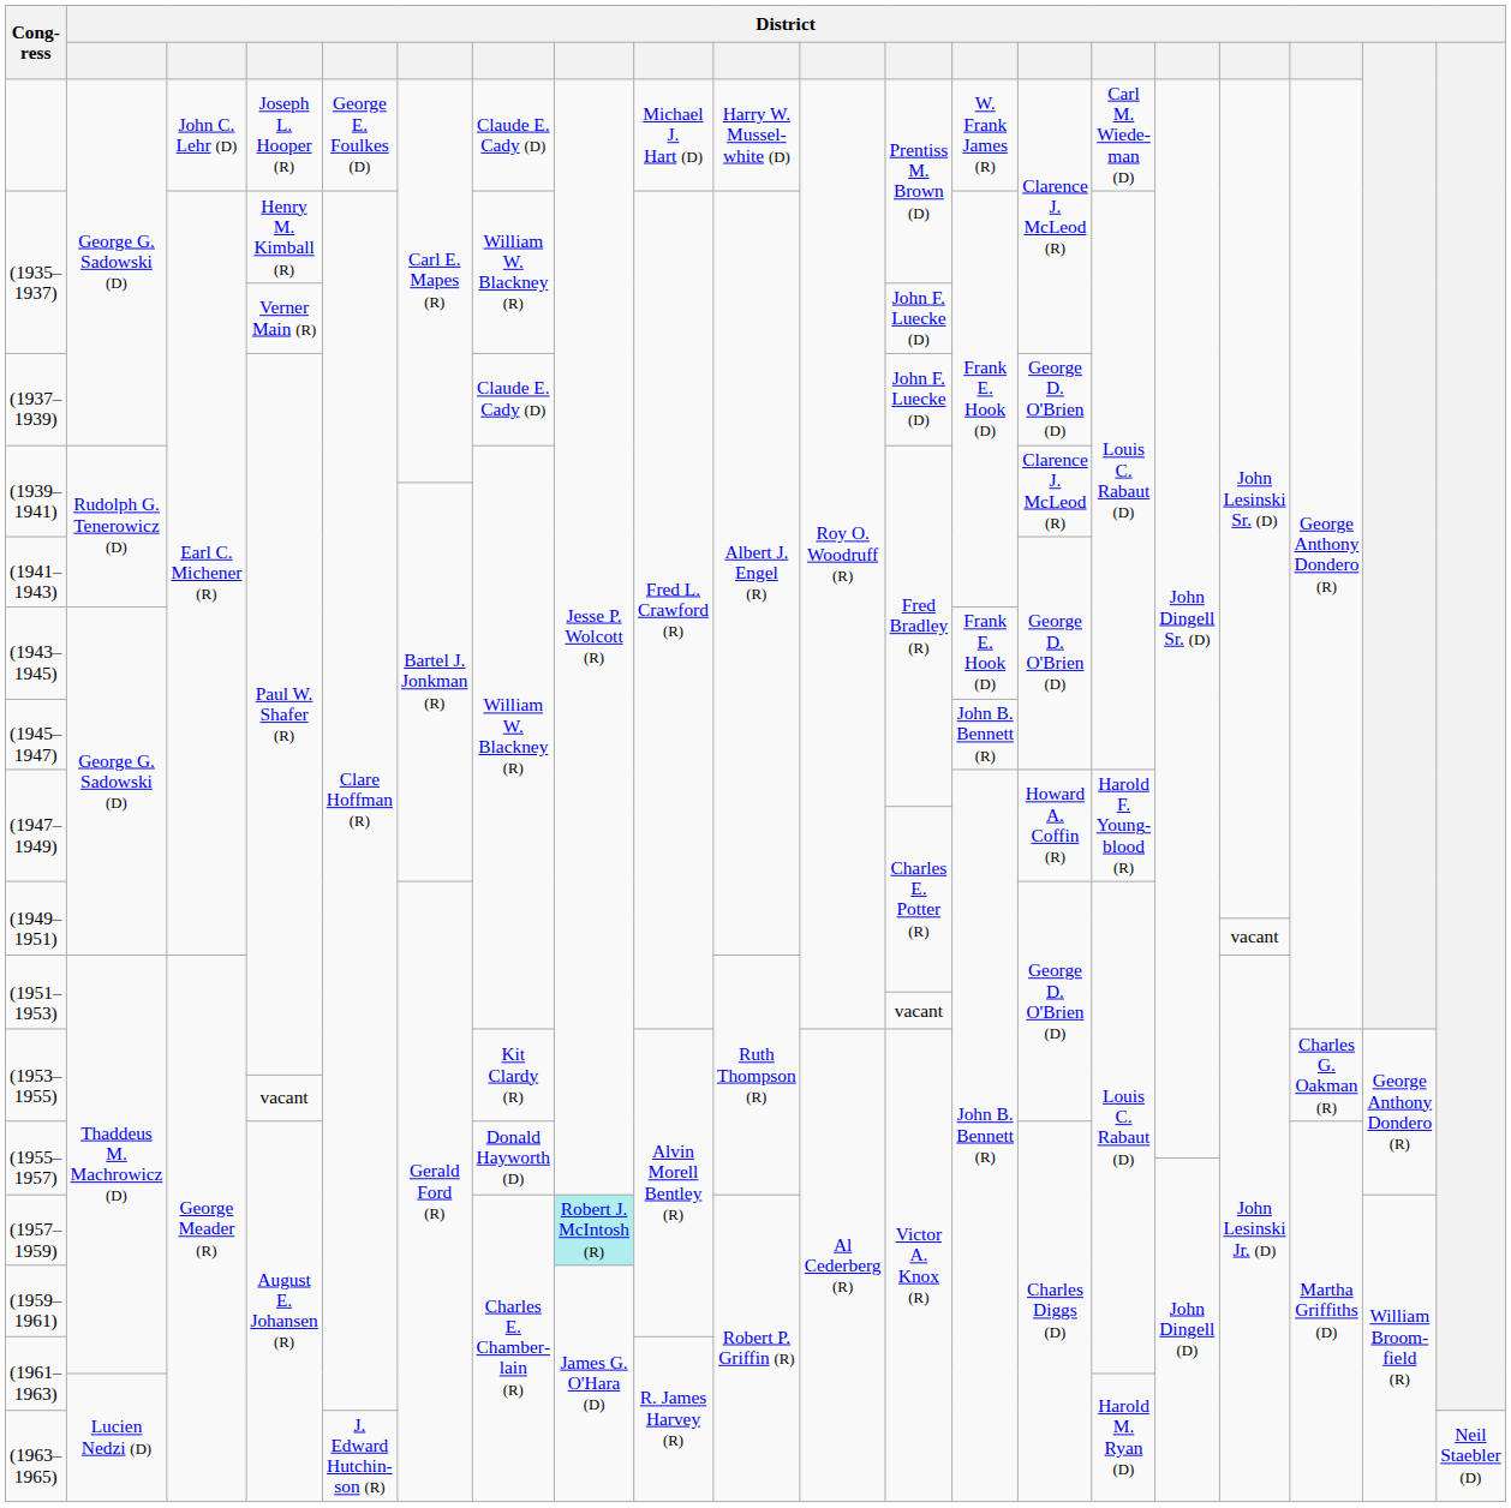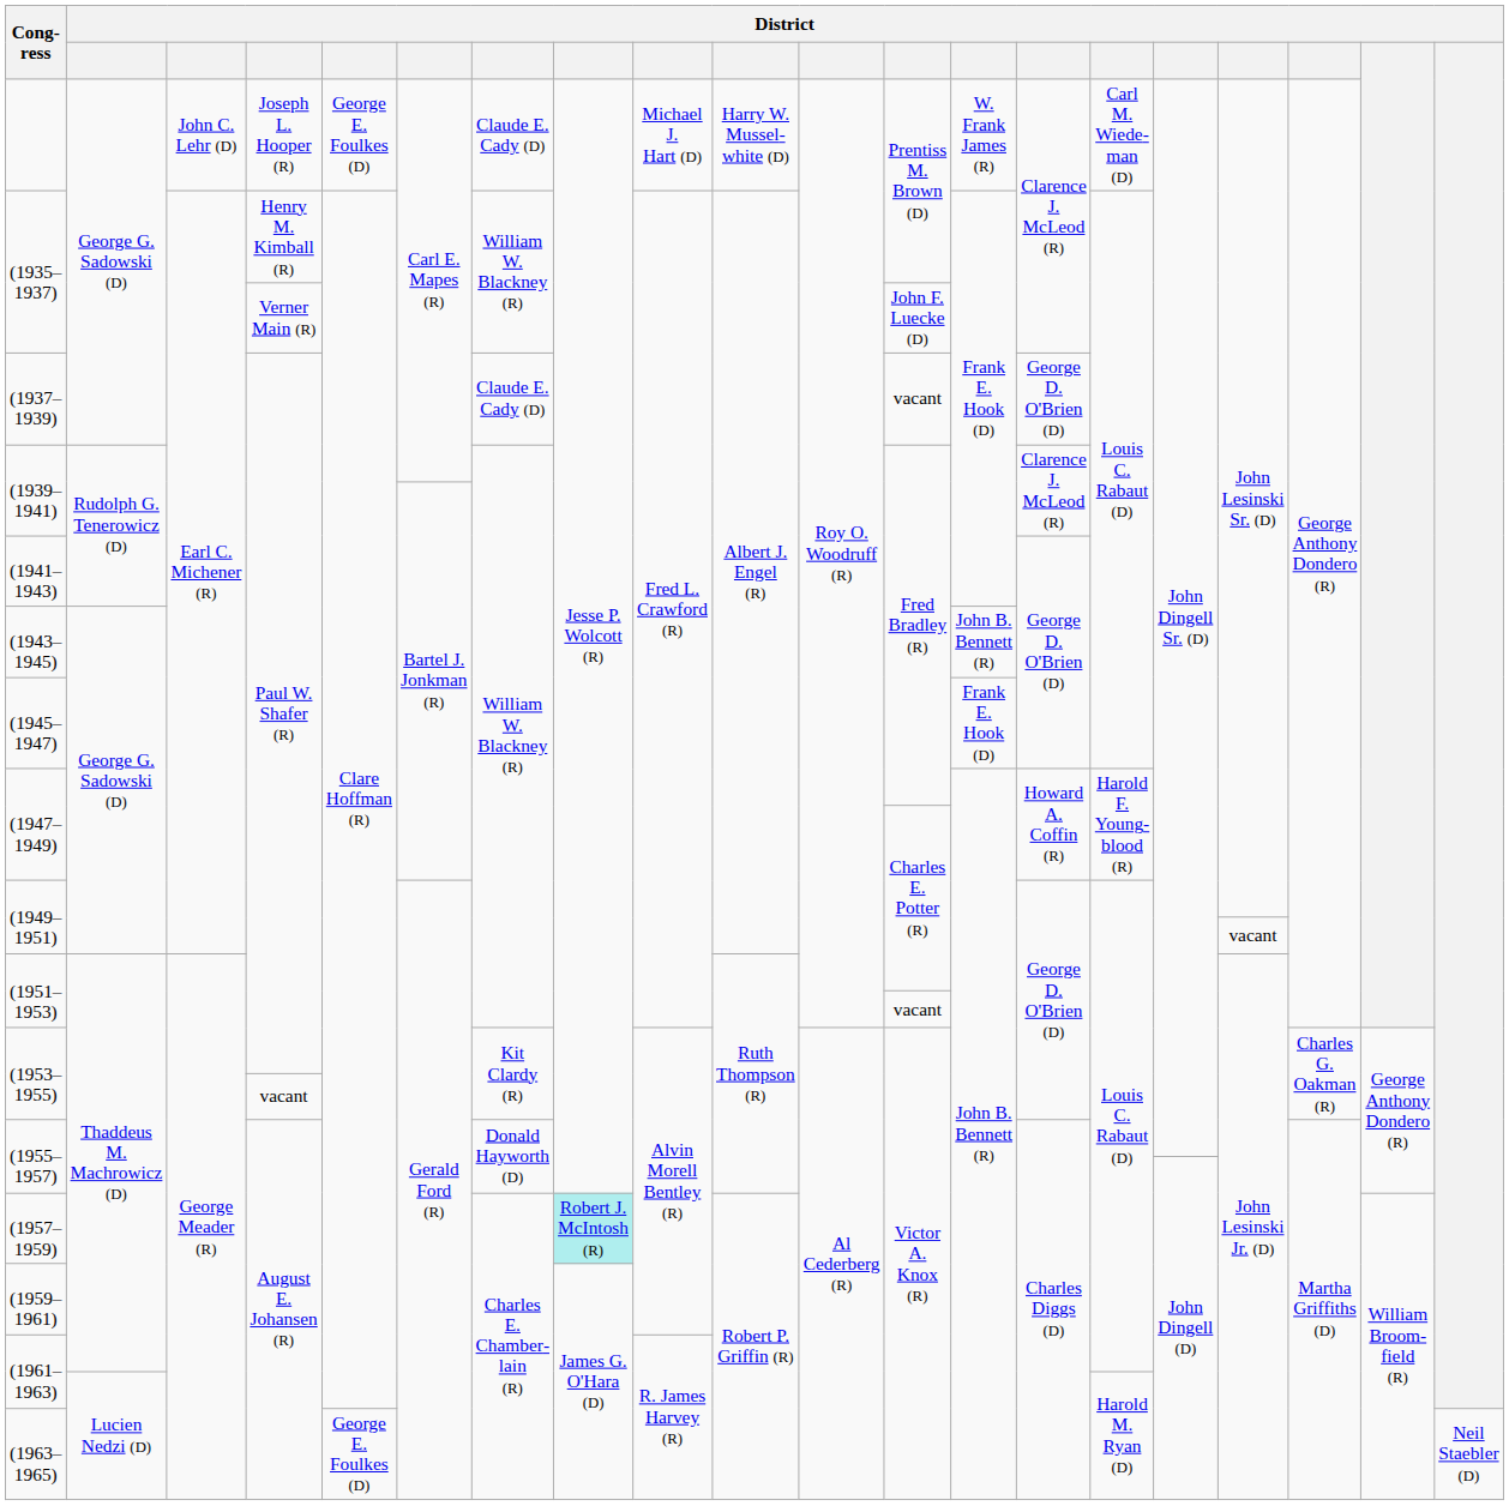 <table class=wikitable style="text-align:center">
 <tr style="height:2em">
 <th rowspan=2>Cong­ress</th>
 <th colspan=19>District</th>
 </tr>
 <tr style="height:2em" valign=bottom>
 <th></th>
 <th></th>
 <th></th>
 <th></th>
 <th></th>
 <th></th>
 <th></th>
 <th></th>
 <th></th>
 <th></th>
 <th></th>
 <th></th>
 <th></th>
 <th></th>
 <th></th>
 <th></th>
 <th></th>
 <th rowspan=16 valign=bottom></th>
 <th rowspan=24 valign=bottom></th>
 </tr>
 <tr style="height:2em">
 <td><strong></strong><br></td>
 <td rowspan=4 ><a href='#'>George G.<br>Sadowski</a><br><small>(D)</small></td>
 <td><a href='#'>John C.<br>Lehr</a> <small>(D)</small></td>
 <td><a href='#'>Joseph L.<br>Hooper</a> <small>(R)</small></td>
 <td><a href='#'>George E.<br>Foulkes</a> <small>(D)</small></td>
 <td rowspan="5" ><a href='#'>Carl E.<br>Mapes</a><br><small>(R)</small></td>
 <td><a href='#'>Claude E.<br>Cady</a> <small>(D)</small></td>
 <td rowspan="19" ><a href='#'>Jesse P.<br>Wolcott</a> <small>(R)</small></td>
 <td><a href='#'>Michael J.<br>Hart</a> <small>(D)</small></td>
 <td><a href='#'>Harry W.<br>Mussel­white</a> <small>(D)</small></td>
 <td rowspan="15" ><a href='#'>Roy O.<br>Woodruff</a><br><small>(R)</small></td>
 <td rowspan=2 ><a href='#'>Prentiss M.<br>Brown</a> <small>(D)</small></td>
 <td><a href='#'>W. Frank<br>James</a> <small>(R)</small></td>
 <td rowspan="3" ><a href='#'>Clarence J.<br>McLeod</a> <small>(R)</small></td>
 <td><a href='#'>Carl M.<br>Wiede­man</a> <small>(D)</small></td>
 <td rowspan=18 ><a href='#'>John<br>Dingell<br>Sr.</a> <small>(D)</small></td>
 <td rowspan=12 ><a href='#'>John<br>Lesinski<br>Sr.</a> <small>(D)</small></td>
 <td rowspan=15 ><a href='#'>George<br>Anthony<br>Dondero</a><br><small>(R)</small></td>
 </tr>
 <tr style="height:2em">
 <td rowspan=2><strong></strong><br>(1935–1937)</td>
 <td rowspan=12 ><a href='#'>Earl C.<br>Michener</a><br><small>(R)</small></td>
 <td><a href='#'>Henry M.<br>Kimball</a> <small>(R)</small></td>
 <td rowspan=22 ><a href='#'>Clare<br>Hoffman</a><br><small>(R)</small></td>
 <td rowspan=2 ><a href='#'>William W.<br>Blackney</a> <small>(R)</small></td>
 <td rowspan=14 ><a href='#'>Fred L.<br>Crawford</a><br><small>(R)</small></td>
 <td rowspan=12 ><a href='#'>Albert J.<br>Engel</a><br><small>(R)</small></td>
 <td rowspan=6 ><a href='#'>Frank E.<br>Hook</a> <small>(D)</small></td>
 <td rowspan=8 ><a href='#'>Louis C.<br>Rabaut</a><br><small>(D)</small></td>
 </tr>
 <tr style="height:2em">
 <td><a href='#'>Verner<br>Main</a> <small>(R)</small></td>
 <td><a href='#'>John F.<br>Luecke</a> <small>(D)</small></td>
 </tr>
 <tr style="height:2em">
 <td><strong></strong><br>(1937–1939)</td>
 <td rowspan=13 ><a href='#'>Paul W.<br>Shafer</a><br><small>(R)</small></td>
 <td><a href='#'>Claude E.<br>Cady</a> <small>(D)</small></td>
-<td><a href='#'>John F.<br>Luecke</a> <small>(D)</small></td>
+<td>vacant</td>
 <td><a href='#'>George D.<br>O'Brien</a> <small>(D)</small></td>
 </tr>
 <tr style="height:2em">
 <td rowspan=2><strong></strong><br>(1939–1941)</td>
 <td rowspan=3 ><a href='#'>Rudolph G.<br>Tenerowicz</a><br><small>(D)</small></td>
 <td rowspan=11 ><a href='#'>William W.<br>Blackney</a><br><small>(R)</small></td>
 <td rowspan=6 ><a href='#'>Fred<br>Bradley</a><br><small>(R)</small></td>
 <td rowspan=2 ><a href='#'>Clarence J.<br>McLeod</a> <small>(R)</small></td>
 </tr>
 <tr style="height:2em">
 <td rowspan=6 ><a href='#'>Bartel J.<br>Jonkman</a><br><small>(R)</small></td>
 </tr>
 <tr style="height:2em">
 <td><strong></strong><br>(1941–1943)</td>
 <td rowspan=3 ><a href='#'>George D.<br>O'Brien</a> <small>(D)</small></td>
 </tr>
 <tr style="height:2em">
 <td><strong></strong><br>(1943–1945)</td>
 <td rowspan=6 ><a href='#'>George G.<br>Sadowski</a><br><small>(D)</small></td>
-<td><a href='#'>Frank E.<br>Hook</a> <small>(D)</small></td>
+<td><a href='#'>John B.<br>Bennett</a> <small>(R)</small></td>
 </tr>
 <tr style="height:2em">
 <td><strong></strong><br>(1945–1947)</td>
-<td><a href='#'>John B.<br>Bennett</a> <small>(R)</small></td>
+<td><a href='#'>Frank E.<br>Hook</a> <small>(D)</small></td>
 </tr>
 <tr style="height:2em">
 <td rowspan=2><strong></strong><br>(1947–1949)</td>
 <td rowspan=15 ><a href='#'>John B.<br>Bennett</a><br><small>(R)</small></td>
 <td rowspan=2 ><a href='#'>Howard A.<br>Coffin</a> <small>(R)</small></td>
 <td rowspan=2 ><a href='#'>Harold F.<br>Young­blood</a> <small>(R)</small></td>
 </tr>
 <tr style="height:2em">
 <td rowspan=4 ><a href='#'>Charles E.<br>Potter</a> <small>(R)</small></td>
 </tr>
 <tr style="height:2em">
 <td rowspan=2><strong></strong><br>(1949–1951)</td>
 <td rowspan="13" ><a href='#'>Gerald<br>Ford</a><br><small>(R)</small></td>
 <td rowspan=6 ><a href='#'>George D.<br>O'Brien</a><br><small>(D)</small></td>
 <td rowspan=11 ><a href='#'>Louis C.<br>Rabaut</a><br><small>(D)</small></td>
 </tr>
 <tr style="height:2em">
 <td>vacant</td>
 </tr>
 <tr style="height:2em">
 <td rowspan=2><strong></strong><br>(1951–1953)</td>
 <td rowspan=9 ><a href='#'>Thaddeus<br>M.<br>Machrowicz</a><br><small>(D)</small></td>
 <td rowspan=11 ><a href='#'>George<br>Meader</a><br><small>(R)</small></td>
 <td rowspan=6 ><a href='#'>Ruth<br>Thompson</a><br><small>(R)</small></td>
 <td rowspan=11 ><a href='#'>John<br>Lesinski<br>Jr.</a> <small>(D)</small></td>
 </tr>
 <tr style="height:2em">
 <td>vacant</td>
 </tr>
 <tr style="height:2em">
 <td rowspan=2><strong></strong><br>(1953–1955)</td>
 <td rowspan=2 ><a href='#'>Kit<br>Clardy</a> <small>(R)</small></td>
 <td rowspan=6 ><a href='#'>Alvin<br>Morell<br>Bentley</a><br><small>(R)</small></td>
 <td rowspan="9" ><a href='#'>Al<br>Cederberg</a><br><small>(R)</small></td>
 <td rowspan=9 ><a href='#'>Victor A.<br>Knox</a> <small>(R)</small></td>
 <td rowspan=2 ><a href='#'>Charles G.<br>Oakman</a> <small>(R)</small></td>
 <td rowspan=4 ><a href='#'>George<br>Anthony<br>Dondero</a><br><small>(R)</small></td>
 </tr>
 <tr style="height:2em">
 <td>vacant</td>
 </tr>
 <tr style="height:2em">
 <td rowspan=2><strong></strong><br>(1955–1957)</td>
 <td rowspan=7 ><a href='#'>August E.<br>Johansen</a><br><small>(R)</small></td>
 <td rowspan=2 ><a href='#'>Donald<br>Hayworth</a> <small>(D)</small></td>
 <td rowspan="7" ><a href='#'>Charles<br>Diggs</a><br><small>(D)</small></td>
 <td rowspan="7" ><a href='#'>Martha<br>Griffiths</a><br><small>(D)</small></td>
 </tr>
 <tr style="height:2em">
 <td rowspan=6 ><a href='#'>John<br>Dingell</a><br><small>(D)</small></td>
 </tr>
 <tr style="height:2em">
 <td><strong></strong><br>(1957–1959)</td>
 <td rowspan="5" ><a href='#'>Charles E.<br>Chamber­lain</a><br><small>(R)</small></td>
 <td style="background: paleturquoise;"><a href='#'>Robert J.<br>McIntosh</a> <small>(R)</small></td>
 <td rowspan="5" ><a href='#'>Robert P.<br>Griffin</a> <small>(R)</small></td>
 <td rowspan="5" ><a href='#'>William<br>Broom­field</a><br><small>(R)</small></td>
 </tr>
 <tr style="height:2em">
 <td><strong></strong><br>(1959–1961)</td>
 <td rowspan=4 ><a href='#'>James G.<br>O'Hara</a> <small>(D)</small></td>
 </tr>
 <tr style="height:2em">
 <td rowspan=2><strong></strong><br>(1961–1963)</td>
 <td rowspan="3" ><a href='#'>R. James<br>Harvey</a> <small>(R)</small></td>
 </tr>
 <tr style="height:2em">
 <td rowspan=2 ><a href='#'>Lucien<br>Nedzi</a> <small>(D)</small></td>
 <td rowspan=2 ><a href='#'>Harold M.<br>Ryan</a> <small>(D)</small></td>
 </tr>
 <tr style="height:2em">
 <td><strong></strong><br>(1963–1965)</td>
-<td><a href='#'>J. Edward<br>Hutchin­son</a> <small>(R)</small></td>
+<td><a href='#'>George E.<br>Foulkes</a> <small>(D)</small></td>
 <td><a href='#'>Neil<br>Staebler</a> <small>(D)</small></td>
 </tr>
 </table>
